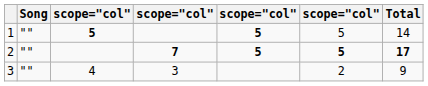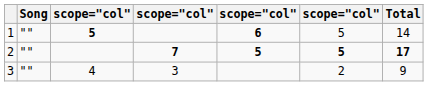 <table class="wikitable" style="margin: 1em auto 1em auto; text-align:center">
 <tr>
 <th></th>
 <th>Song</th>
 <th>scope="col" </th>
 <th>scope="col" </th>
 <th>scope="col" </th>
 <th>scope="col" </th>
 <th>Total</th>
 </tr>
 <tr>
 <td>1</td>
 <td style="text-align:left;">""</td>
 <td><strong>5</strong></td>
 <td></td>
-<td><strong>5</strong></td>
+<td><strong>6</strong></td>
 <td>5</td>
 <td>14</td>
 </tr>
 <tr>
 <td>2</td>
 <td style="text-align:left;">""</td>
 <td></td>
 <td><strong>7</strong></td>
 <td><strong>5</strong></td>
 <td><strong>5</strong></td>
 <td><strong>17</strong></td>
 </tr>
 <tr>
 <td>3</td>
 <td style="text-align:left;">""</td>
 <td>4</td>
 <td>3</td>
 <td></td>
 <td>2</td>
 <td>9</td>
 </tr>
 </table>
